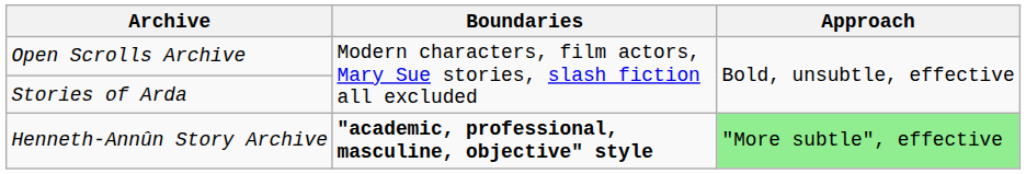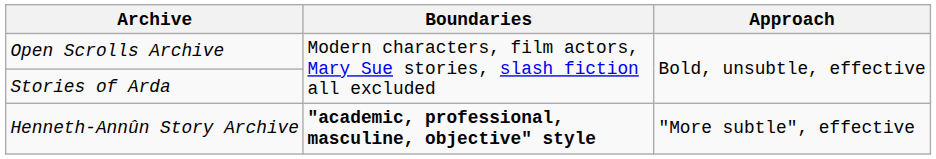 <table class="wikitable" style="margin: 1em auto;">
 <tr>
 <th>Archive</th>
 <th style="width: 250px;">Boundaries</th>
 <th>Approach</th>
 </tr>
 <tr>
 <td><em>Open Scrolls Archive</em></td>
 <td rowspan=2;>Modern characters, film actors, <a href='#'>Mary Sue</a> stories, <a href='#'>slash fiction</a> all excluded</td>
 <td rowspan=2;>Bold, unsubtle, effective</td>
 </tr>
 <tr>
 <td><em>Stories of Arda</em> </td>
 </tr>
 <tr>
 <td><em>Henneth-Annûn Story Archive</em></td>
 <td><strong>"academic, professional, masculine, objective" style</strong></td>
-<td style="background: lightgreen;">"More subtle", effective</td>
+<td>"More subtle", effective</td>
 </tr>
 </table>
